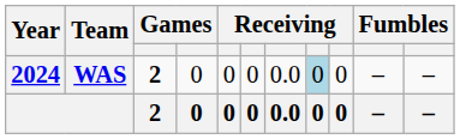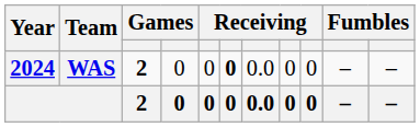 <table class="wikitable" style="text-align:center;">
 <tr>
 <th rowspan="2">Year</th>
 <th rowspan="2">Team</th>
 <th colspan="2">Games</th>
 <th colspan="5">Receiving</th>
 <th colspan="2">Fumbles</th>
 </tr>
 <tr>
 <th></th>
 <th></th>
 <th></th>
 <th></th>
 <th></th>
 <th></th>
 <th></th>
 <th></th>
 <th></th>
 </tr>
 <tr>
 <th><a href='#'>2024</a></th>
 <th><a href='#'>WAS</a></th>
 <td><strong>2</strong></td>
 <td>0</td>
 <td>0</td>
+<td><strong>0</strong></td>
+<td>0.0</td>
 <td>0</td>
-<td>0.0</td>
-<td style="background: lightblue;">0</td>
 <td>0</td>
 <td>–</td>
 <td>–</td>
 </tr>
 <tr>
 <th colspan="2"></th>
 <th>2</th>
 <th>0</th>
 <th>0</th>
 <th>0</th>
 <th>0.0</th>
 <th>0</th>
 <th>0</th>
 <th>–</th>
 <th>–</th>
 </tr>
 </table>
